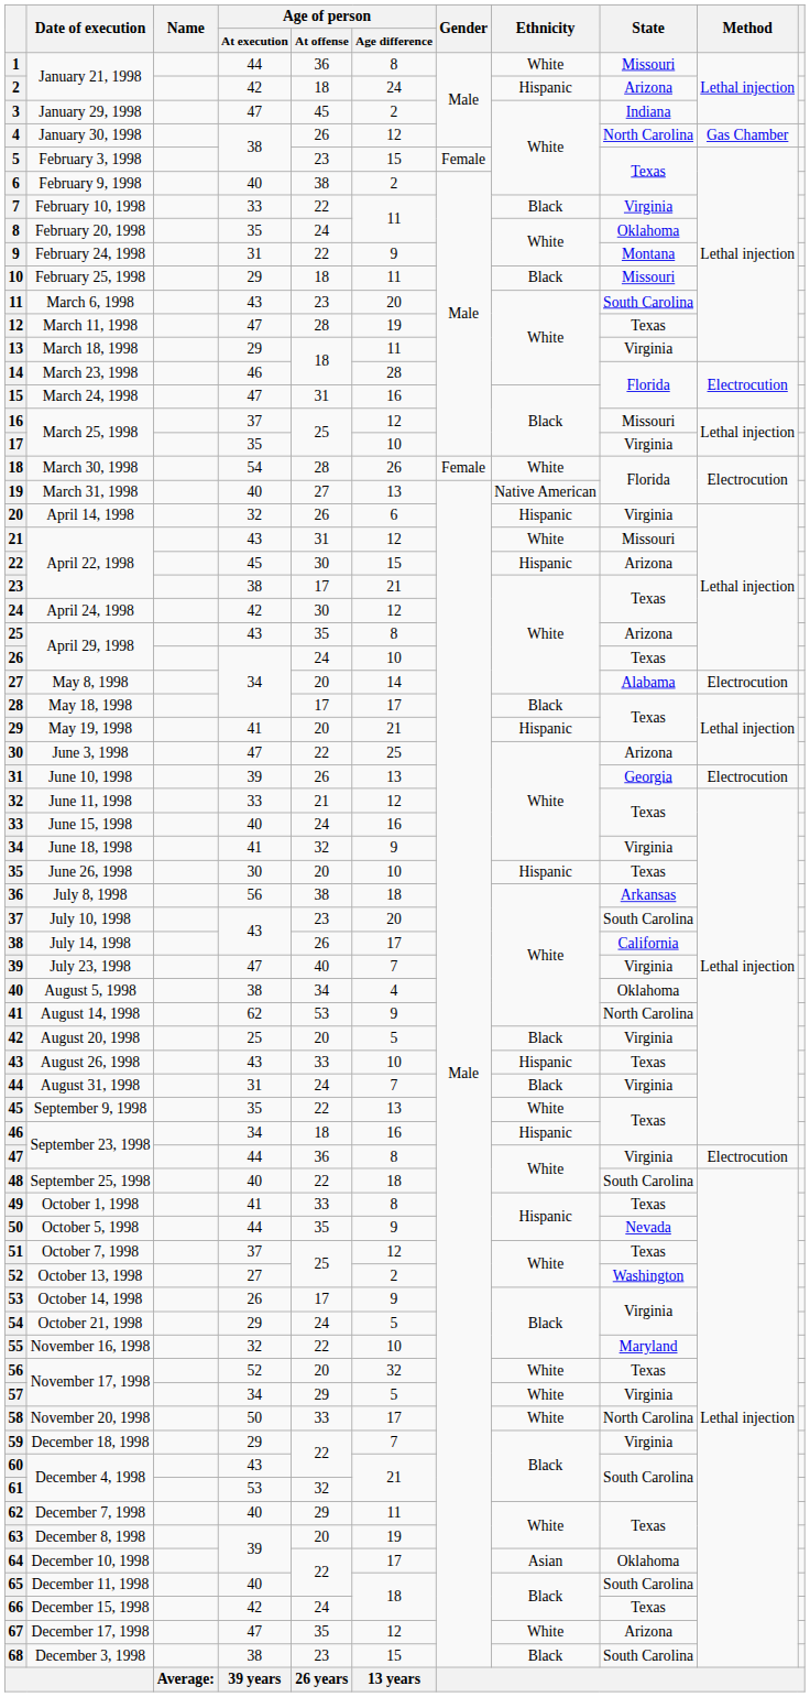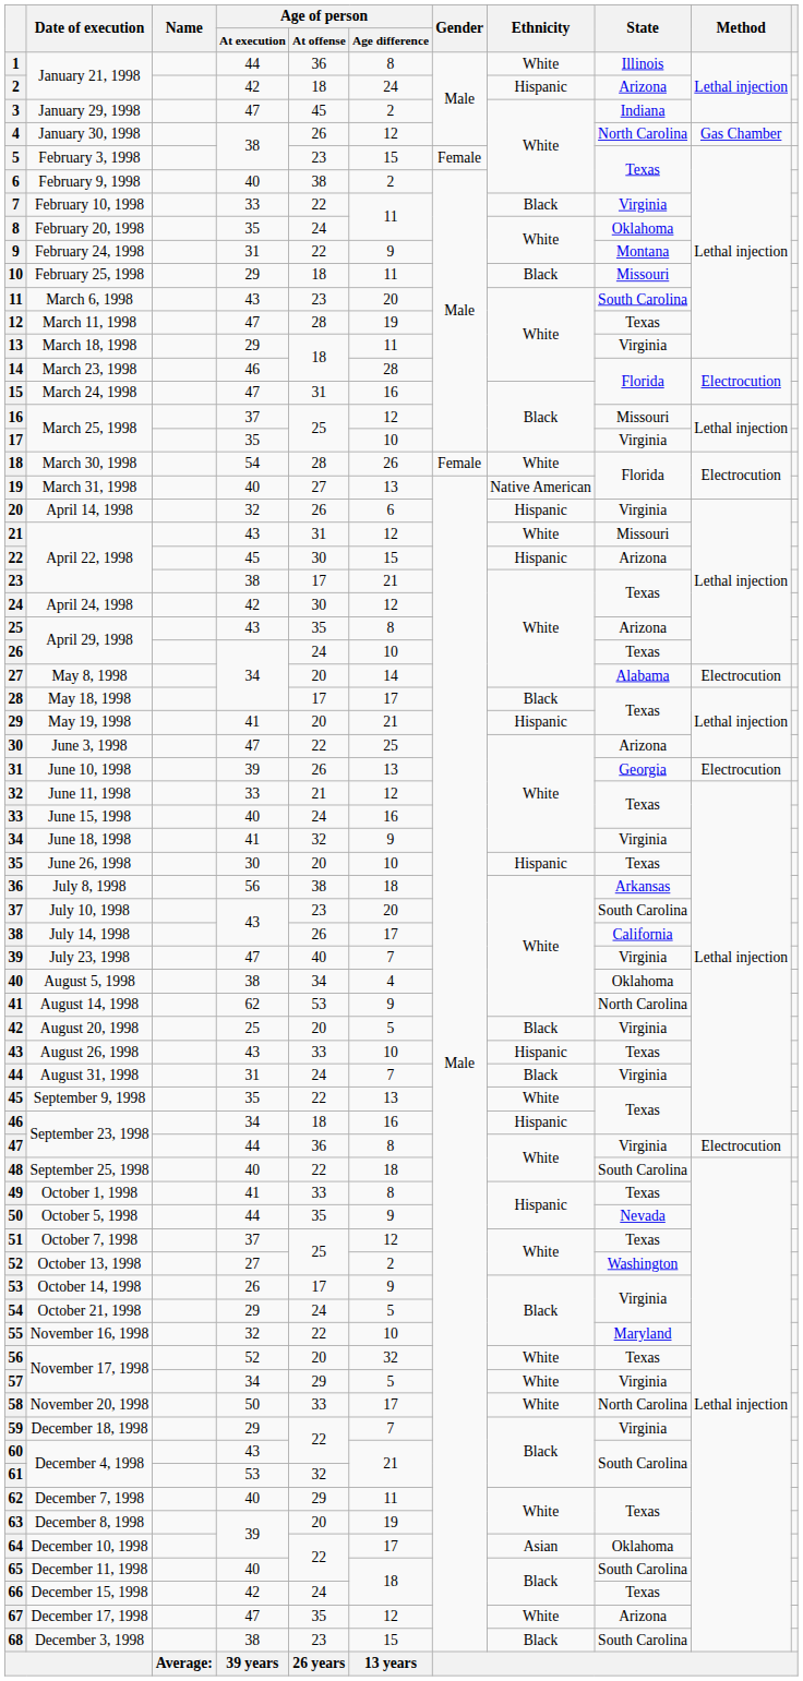 <table class="wikitable sortable" style="text-align:center;">
 <tr>
 <th scope="col" rowspan="2"></th>
 <th scope="col" rowspan="2" data-sort-type="date">Date of execution</th>
 <th scope="col" rowspan="2">Name</th>
 <th scope="col" colspan="3">Age of person</th>
 <th scope="col" rowspan="2">Gender</th>
 <th scope="col" rowspan="2">Ethnicity</th>
 <th scope="col" rowspan="2">State</th>
 <th scope="col" rowspan="2">Method</th>
 <th scope="col" rowspan="2"></th>
 </tr>
 <tr>
 <th scope="col"><small>At execution</small></th>
 <th scope="col"><small>At offense</small></th>
 <th scope="col"><small>Age difference</small></th>
 </tr>
 <tr>
 <th scope="row">1</th>
 <td rowspan="2">January 21, 1998</td>
 <td></td>
 <td>44 </td>
 <td>36 </td>
 <td>8</td>
 <td rowspan="4">Male</td>
 <td>White</td>
-<td><a href='#'>Missouri</a></td>
+<td><a href='#'>Illinois</a></td>
 <td rowspan="3"><a href='#'>Lethal injection</a></td>
 <td></td>
 </tr>
 <tr>
 <th scope="row">2</th>
 <td></td>
 <td>42 </td>
 <td>18 </td>
 <td>24</td>
 <td>Hispanic</td>
 <td><a href='#'>Arizona</a></td>
 <td></td>
 </tr>
 <tr>
 <th scope="row">3</th>
 <td>January 29, 1998</td>
 <td></td>
 <td>47 </td>
 <td>45 </td>
 <td>2</td>
 <td rowspan="4">White</td>
 <td><a href='#'>Indiana</a></td>
 <td></td>
 </tr>
 <tr>
 <th scope="row">4</th>
 <td>January 30, 1998</td>
 <td></td>
 <td rowspan="2">38 </td>
 <td>26 </td>
 <td>12</td>
 <td><a href='#'>North Carolina</a></td>
 <td><a href='#'>Gas Chamber</a></td>
 <td></td>
 </tr>
 <tr>
 <th scope="row">5</th>
 <td>February 3, 1998</td>
 <td></td>
 <td>23  </td>
 <td>15</td>
 <td>Female</td>
 <td rowspan="2"><a href='#'>Texas</a></td>
 <td rowspan="9">Lethal injection</td>
 <td></td>
 </tr>
 <tr>
 <th scope="row">6</th>
 <td>February 9, 1998</td>
 <td></td>
 <td>40 </td>
 <td>38 </td>
 <td>2</td>
 <td rowspan="12">Male</td>
 <td></td>
 </tr>
 <tr>
 <th scope="row">7</th>
 <td>February 10, 1998</td>
 <td></td>
 <td>33 </td>
 <td>22 </td>
 <td rowspan="2">11</td>
 <td>Black</td>
 <td><a href='#'>Virginia</a></td>
 <td></td>
 </tr>
 <tr>
 <th scope="row">8</th>
 <td>February 20, 1998</td>
 <td></td>
 <td>35 </td>
 <td>24 </td>
 <td rowspan="2">White</td>
 <td><a href='#'>Oklahoma</a></td>
 <td></td>
 </tr>
 <tr>
 <th scope="row">9</th>
 <td>February 24, 1998</td>
 <td></td>
 <td>31 </td>
 <td>22 </td>
 <td>9</td>
 <td><a href='#'>Montana</a></td>
 <td></td>
 </tr>
 <tr>
 <th scope="row">10</th>
 <td>February 25, 1998</td>
 <td></td>
 <td>29 </td>
 <td>18 </td>
 <td>11</td>
 <td>Black</td>
 <td><a href='#'>Missouri</a></td>
 <td></td>
 </tr>
 <tr>
 <th scope="row">11</th>
 <td>March 6, 1998</td>
 <td></td>
 <td>43 </td>
 <td>23 </td>
 <td>20</td>
 <td rowspan="4">White</td>
 <td><a href='#'>South Carolina</a></td>
 <td></td>
 </tr>
 <tr>
 <th scope="row">12</th>
 <td>March 11, 1998</td>
 <td></td>
 <td>47 </td>
 <td>28 </td>
 <td>19</td>
 <td>Texas</td>
 <td></td>
 </tr>
 <tr>
 <th scope="row">13</th>
 <td>March 18, 1998</td>
 <td></td>
 <td>29 </td>
 <td rowspan="2">18 </td>
 <td>11</td>
 <td>Virginia</td>
 <td></td>
 </tr>
 <tr>
 <th scope="row">14</th>
 <td>March 23, 1998</td>
 <td></td>
 <td>46  </td>
 <td>28</td>
 <td rowspan="2"><a href='#'>Florida</a></td>
 <td rowspan="2"><a href='#'>Electrocution</a></td>
 <td></td>
 </tr>
 <tr>
 <th scope="row">15</th>
 <td>March 24, 1998</td>
 <td></td>
 <td>47 </td>
 <td>31 </td>
 <td>16</td>
 <td rowspan="3">Black</td>
 <td></td>
 </tr>
 <tr>
 <th scope="row">16</th>
 <td rowspan="2">March 25, 1998</td>
 <td></td>
 <td>37 </td>
 <td rowspan="2">25 </td>
 <td>12</td>
 <td>Missouri</td>
 <td rowspan="2">Lethal injection</td>
 <td></td>
 </tr>
 <tr>
 <th scope="row">17</th>
 <td></td>
 <td>35  </td>
 <td>10</td>
 <td>Virginia</td>
 <td></td>
 </tr>
 <tr>
 <th scope="row">18</th>
 <td>March 30, 1998</td>
 <td></td>
 <td>54 </td>
 <td>28 </td>
 <td>26</td>
 <td>Female</td>
 <td>White</td>
 <td rowspan="2">Florida</td>
 <td rowspan="2">Electrocution</td>
 <td></td>
 </tr>
 <tr>
 <th scope="row">19</th>
 <td>March 31, 1998</td>
 <td></td>
 <td>40 </td>
 <td>27 </td>
 <td>13</td>
 <td rowspan="50">Male</td>
 <td>Native American</td>
 <td></td>
 </tr>
 <tr>
 <th scope="row">20</th>
 <td>April 14, 1998</td>
 <td></td>
 <td>32 </td>
 <td>26 </td>
 <td>6</td>
 <td>Hispanic</td>
 <td>Virginia</td>
 <td rowspan="7">Lethal injection</td>
 <td></td>
 </tr>
 <tr>
 <th scope="row">21</th>
 <td rowspan="3">April 22, 1998</td>
 <td></td>
 <td>43 </td>
 <td>31 </td>
 <td>12</td>
 <td>White</td>
 <td>Missouri</td>
 <td></td>
 </tr>
 <tr>
 <th scope="row">22</th>
 <td></td>
 <td>45 </td>
 <td>30 </td>
 <td>15</td>
 <td>Hispanic</td>
 <td>Arizona</td>
 <td></td>
 </tr>
 <tr>
 <th scope="row">23</th>
 <td></td>
 <td>38 </td>
 <td>17 </td>
 <td>21</td>
 <td rowspan="5">White</td>
 <td rowspan="2">Texas</td>
 <td></td>
 </tr>
 <tr>
 <th scope="row">24</th>
 <td>April 24, 1998</td>
 <td></td>
 <td>42 </td>
 <td>30 </td>
 <td>12</td>
 <td></td>
 </tr>
 <tr>
 <th scope="row">25</th>
 <td rowspan="2">April 29, 1998</td>
 <td></td>
 <td>43 </td>
 <td>35 </td>
 <td>8</td>
 <td>Arizona</td>
 <td></td>
 </tr>
 <tr>
 <th scope="row">26</th>
 <td></td>
 <td rowspan="3">34 </td>
 <td>24 </td>
 <td>10</td>
 <td>Texas</td>
 <td></td>
 </tr>
 <tr>
 <th scope="row">27</th>
 <td>May 8, 1998</td>
 <td></td>
 <td>20  </td>
 <td>14</td>
 <td><a href='#'>Alabama</a></td>
 <td>Electrocution</td>
 <td></td>
 </tr>
 <tr>
 <th scope="row">28</th>
 <td>May 18, 1998</td>
 <td></td>
 <td>17  </td>
 <td>17</td>
 <td>Black</td>
 <td rowspan="2">Texas</td>
 <td rowspan="3">Lethal injection</td>
 <td></td>
 </tr>
 <tr>
 <th scope="row">29</th>
 <td>May 19, 1998</td>
 <td></td>
 <td>41 </td>
 <td>20 </td>
 <td>21</td>
 <td>Hispanic</td>
 <td></td>
 </tr>
 <tr>
 <th scope="row">30</th>
 <td>June 3, 1998</td>
 <td></td>
 <td>47 </td>
 <td>22 </td>
 <td>25</td>
 <td rowspan="5">White</td>
 <td>Arizona</td>
 <td></td>
 </tr>
 <tr>
 <th scope="row">31</th>
 <td>June 10, 1998</td>
 <td></td>
 <td>39 </td>
 <td>26 </td>
 <td>13</td>
 <td><a href='#'>Georgia</a></td>
 <td>Electrocution</td>
 <td></td>
 </tr>
 <tr>
 <th scope="row">32</th>
 <td>June 11, 1998</td>
 <td></td>
 <td>33 </td>
 <td>21 </td>
 <td>12</td>
 <td rowspan="2">Texas</td>
 <td rowspan="15">Lethal injection</td>
 <td></td>
 </tr>
 <tr>
 <th scope="row">33</th>
 <td>June 15, 1998</td>
 <td></td>
 <td>40 </td>
 <td>24 </td>
 <td>16</td>
 <td></td>
 </tr>
 <tr>
 <th scope="row">34</th>
 <td>June 18, 1998</td>
 <td></td>
 <td>41 </td>
 <td>32 </td>
 <td>9</td>
 <td>Virginia</td>
 <td></td>
 </tr>
 <tr>
 <th scope="row">35</th>
 <td>June 26, 1998</td>
 <td></td>
 <td>30 </td>
 <td>20 </td>
 <td>10</td>
 <td>Hispanic</td>
 <td>Texas</td>
 <td></td>
 </tr>
 <tr>
 <th scope="row">36</th>
 <td>July 8, 1998</td>
 <td></td>
 <td>56 </td>
 <td>38 </td>
 <td>18</td>
 <td rowspan="6">White</td>
 <td><a href='#'>Arkansas</a></td>
 <td></td>
 </tr>
 <tr>
 <th scope="row">37</th>
 <td>July 10, 1998</td>
 <td></td>
 <td rowspan="2">43 </td>
 <td>23 </td>
 <td>20</td>
 <td>South Carolina</td>
 <td></td>
 </tr>
 <tr>
 <th scope="row">38</th>
 <td>July 14, 1998</td>
 <td></td>
 <td>26  </td>
 <td>17</td>
 <td><a href='#'>California</a></td>
 <td></td>
 </tr>
 <tr>
 <th scope="row">39</th>
 <td>July 23, 1998</td>
 <td></td>
 <td>47 </td>
 <td>40 </td>
 <td>7</td>
 <td>Virginia</td>
 <td></td>
 </tr>
 <tr>
 <th scope="row">40</th>
 <td>August 5, 1998</td>
 <td></td>
 <td>38 </td>
 <td>34 </td>
 <td>4</td>
 <td>Oklahoma</td>
 <td></td>
 </tr>
 <tr>
 <th scope="row">41</th>
 <td>August 14, 1998</td>
 <td></td>
 <td>62 </td>
 <td>53 </td>
 <td>9</td>
 <td>North Carolina</td>
 <td></td>
 </tr>
 <tr>
 <th scope="row">42</th>
 <td>August 20, 1998</td>
 <td></td>
 <td>25 </td>
 <td>20 </td>
 <td>5</td>
 <td>Black</td>
 <td>Virginia</td>
 <td></td>
 </tr>
 <tr>
 <th scope="row">43</th>
 <td>August 26, 1998</td>
 <td></td>
 <td>43 </td>
 <td>33 </td>
 <td>10</td>
 <td>Hispanic</td>
 <td>Texas</td>
 <td></td>
 </tr>
 <tr>
 <th scope="row">44</th>
 <td>August 31, 1998</td>
 <td></td>
 <td>31 </td>
 <td>24 </td>
 <td>7</td>
 <td>Black</td>
 <td>Virginia</td>
 <td></td>
 </tr>
 <tr>
 <th scope="row">45</th>
 <td>September 9, 1998</td>
 <td></td>
 <td>35 </td>
 <td>22 </td>
 <td>13</td>
 <td>White</td>
 <td rowspan="2">Texas</td>
 <td></td>
 </tr>
 <tr>
 <th scope="row">46</th>
 <td rowspan="2">September 23, 1998</td>
 <td></td>
 <td>34 </td>
 <td>18 </td>
 <td>16</td>
 <td>Hispanic</td>
 <td></td>
 </tr>
 <tr>
 <th scope="row">47</th>
 <td></td>
 <td>44 </td>
 <td>36 </td>
 <td>8</td>
 <td rowspan="2">White</td>
 <td>Virginia</td>
 <td>Electrocution</td>
 <td></td>
 </tr>
 <tr>
 <th scope="row">48</th>
 <td>September 25, 1998</td>
 <td></td>
 <td>40 </td>
 <td>22 </td>
 <td>18</td>
 <td>South Carolina</td>
 <td rowspan="21">Lethal injection</td>
 <td></td>
 </tr>
 <tr>
 <th scope="row">49</th>
 <td>October 1, 1998</td>
 <td></td>
 <td>41 </td>
 <td>33 </td>
 <td>8</td>
 <td rowspan="2">Hispanic</td>
 <td>Texas</td>
 <td></td>
 </tr>
 <tr>
 <th scope="row">50</th>
 <td>October 5, 1998</td>
 <td></td>
 <td>44 </td>
 <td>35 </td>
 <td>9</td>
 <td><a href='#'>Nevada</a></td>
 <td></td>
 </tr>
 <tr>
 <th scope="row">51</th>
 <td>October 7, 1998</td>
 <td></td>
 <td>37 </td>
 <td rowspan="2">25 </td>
 <td>12</td>
 <td rowspan="2">White</td>
 <td>Texas</td>
 <td></td>
 </tr>
 <tr>
 <th scope="row">52</th>
 <td>October 13, 1998</td>
 <td></td>
 <td>27  </td>
 <td>2</td>
 <td><a href='#'>Washington</a></td>
 <td></td>
 </tr>
 <tr>
 <th scope="row">53</th>
 <td>October 14, 1998</td>
 <td></td>
 <td>26 </td>
 <td>17 </td>
 <td>9</td>
 <td rowspan="3">Black</td>
 <td rowspan="2">Virginia</td>
 <td></td>
 </tr>
 <tr>
 <th scope="row">54</th>
 <td>October 21, 1998</td>
 <td></td>
 <td>29 </td>
 <td>24 </td>
 <td>5</td>
 <td></td>
 </tr>
 <tr>
 <th scope="row">55</th>
 <td>November 16, 1998</td>
 <td></td>
 <td>32 </td>
 <td>22 </td>
 <td>10</td>
 <td><a href='#'>Maryland</a></td>
 <td></td>
 </tr>
 <tr>
 <th scope="row">56</th>
 <td rowspan="2">November 17, 1998</td>
 <td></td>
 <td>52 </td>
 <td>20 </td>
 <td>32</td>
 <td>White</td>
 <td>Texas</td>
 <td></td>
 </tr>
 <tr>
 <th scope="row">57</th>
 <td></td>
 <td>34 </td>
 <td>29 </td>
 <td>5</td>
 <td>White</td>
 <td>Virginia</td>
 <td></td>
 </tr>
 <tr>
 <th scope="row">58</th>
 <td>November 20, 1998</td>
 <td></td>
 <td>50 </td>
 <td>33 </td>
 <td>17</td>
 <td>White</td>
 <td>North Carolina</td>
 <td></td>
 </tr>
 <tr>
 <th scope="row">59</th>
 <td>December 18, 1998</td>
 <td></td>
 <td>29 </td>
 <td rowspan="2">22 </td>
 <td>7</td>
 <td rowspan="3">Black</td>
 <td>Virginia</td>
 <td></td>
 </tr>
 <tr>
 <th scope="row">60</th>
 <td rowspan="2">December 4, 1998</td>
 <td></td>
 <td>43  </td>
 <td rowspan="2">21</td>
 <td rowspan="2">South Carolina</td>
 <td></td>
 </tr>
 <tr>
 <th scope="row">61</th>
 <td></td>
 <td>53 </td>
 <td>32 </td>
 <td></td>
 </tr>
 <tr>
 <th scope="row">62</th>
 <td>December 7, 1998</td>
 <td></td>
 <td>40 </td>
 <td>29 </td>
 <td>11</td>
 <td rowspan="2">White</td>
 <td rowspan="2">Texas</td>
 <td></td>
 </tr>
 <tr>
 <th scope="row">63</th>
 <td>December 8, 1998</td>
 <td></td>
 <td rowspan="2">39 </td>
 <td>20 </td>
 <td>19</td>
 <td></td>
 </tr>
 <tr>
 <th scope="row">64</th>
 <td>December 10, 1998</td>
 <td></td>
 <td rowspan="2">22  </td>
 <td>17</td>
 <td>Asian</td>
 <td>Oklahoma</td>
 <td></td>
 </tr>
 <tr>
 <th scope="row">65</th>
 <td>December 11, 1998</td>
 <td></td>
 <td>40  </td>
 <td rowspan="2">18</td>
 <td rowspan="2">Black</td>
 <td>South Carolina</td>
 <td></td>
 </tr>
 <tr>
 <th scope="row">66</th>
 <td>December 15, 1998</td>
 <td></td>
 <td>42 </td>
 <td>24 </td>
 <td>Texas</td>
 <td></td>
 </tr>
 <tr>
 <th scope="row">67</th>
 <td>December 17, 1998</td>
 <td></td>
 <td>47 </td>
 <td>35 </td>
 <td>12</td>
 <td>White</td>
 <td>Arizona</td>
 <td></td>
 </tr>
 <tr>
 <th scope="row">68</th>
 <td>December 3, 1998</td>
 <td></td>
 <td>38 </td>
 <td>23 </td>
 <td>15</td>
 <td>Black</td>
 <td>South Carolina</td>
 <td></td>
 </tr>
 <tr class="sortbottom">
 <th colspan="2"></th>
 <th>Average:</th>
 <th>39 years </th>
 <th>26 years </th>
 <th>13 years </th>
 <th colspan="5"></th>
 </tr>
 </table>
